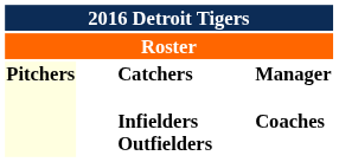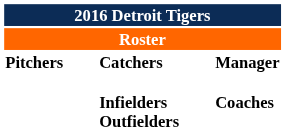 <table class="toccolours" style="font-size: 95%;">
 <tr>
 <th colspan="10" style="background-color: #0C2C56; color: white; text-align: center;">2016 Detroit Tigers</th>
 </tr>
 <tr>
 <td colspan="10" style="background-color: #FF6600; color: white; text-align: center;"><strong>Roster</strong></td>
 </tr>
 <tr>
-<td valign="top" style="background: lightyellow;"><strong>Pitchers</strong><br>                     </td>
+<td valign="top"><strong>Pitchers</strong><br>                     </td>
 <td width="25px"></td>
 <td valign="top"><strong>Catchers</strong><br>   <br><strong>Infielders</strong>          <br><strong>Outfielders</strong>        </td>
 <td width="25px"></td>
 <td valign="top"><strong>Manager</strong><br><br><strong>Coaches</strong>                 </td>
 </tr>
 </table>
